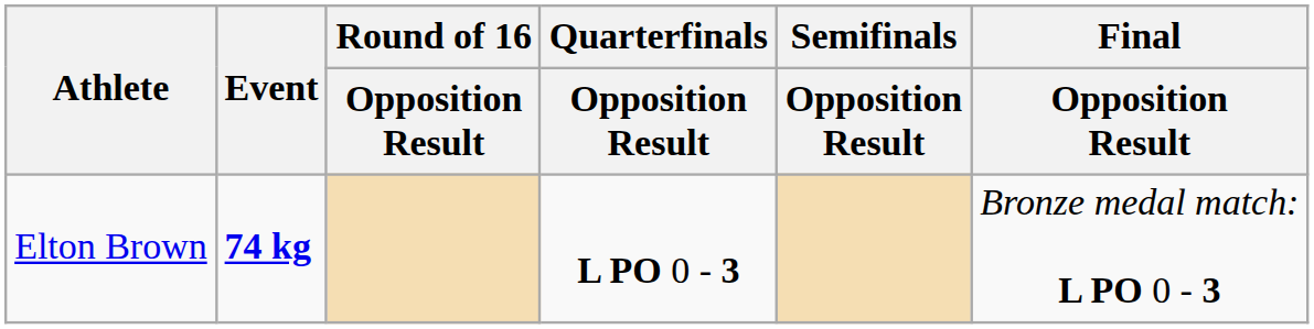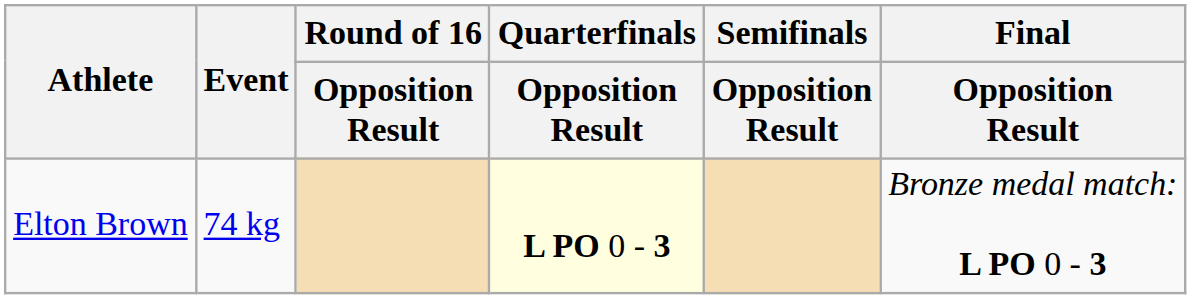 <table class="wikitable" border="1" style="font-size:90%">
 <tr>
 <th rowspan=2>Athlete</th>
 <th rowspan=2>Event</th>
 <th>Round of 16</th>
 <th>Quarterfinals</th>
 <th>Semifinals</th>
 <th>Final</th>
 </tr>
 <tr>
 <th>Opposition<br>Result</th>
 <th>Opposition<br>Result</th>
 <th>Opposition<br>Result</th>
 <th>Opposition<br>Result</th>
 </tr>
 <tr>
 <td><a href='#'>Elton Brown</a></td>
-<td><strong><a href='#'>74 kg</a></strong></td>
+<td><a href='#'>74 kg</a></td>
 <td bgcolor=wheat></td>
-<td align=center><br><strong>L PO</strong> 0 - <strong>3</strong></td>
+<td align=center style="background: lightyellow;"><br><strong>L PO</strong> 0 - <strong>3</strong></td>
 <td bgcolor=wheat></td>
 <td align=center><em>Bronze medal match:</em><br><br><strong>L PO</strong> 0 - <strong>3</strong></td>
 </tr>
 </table>
